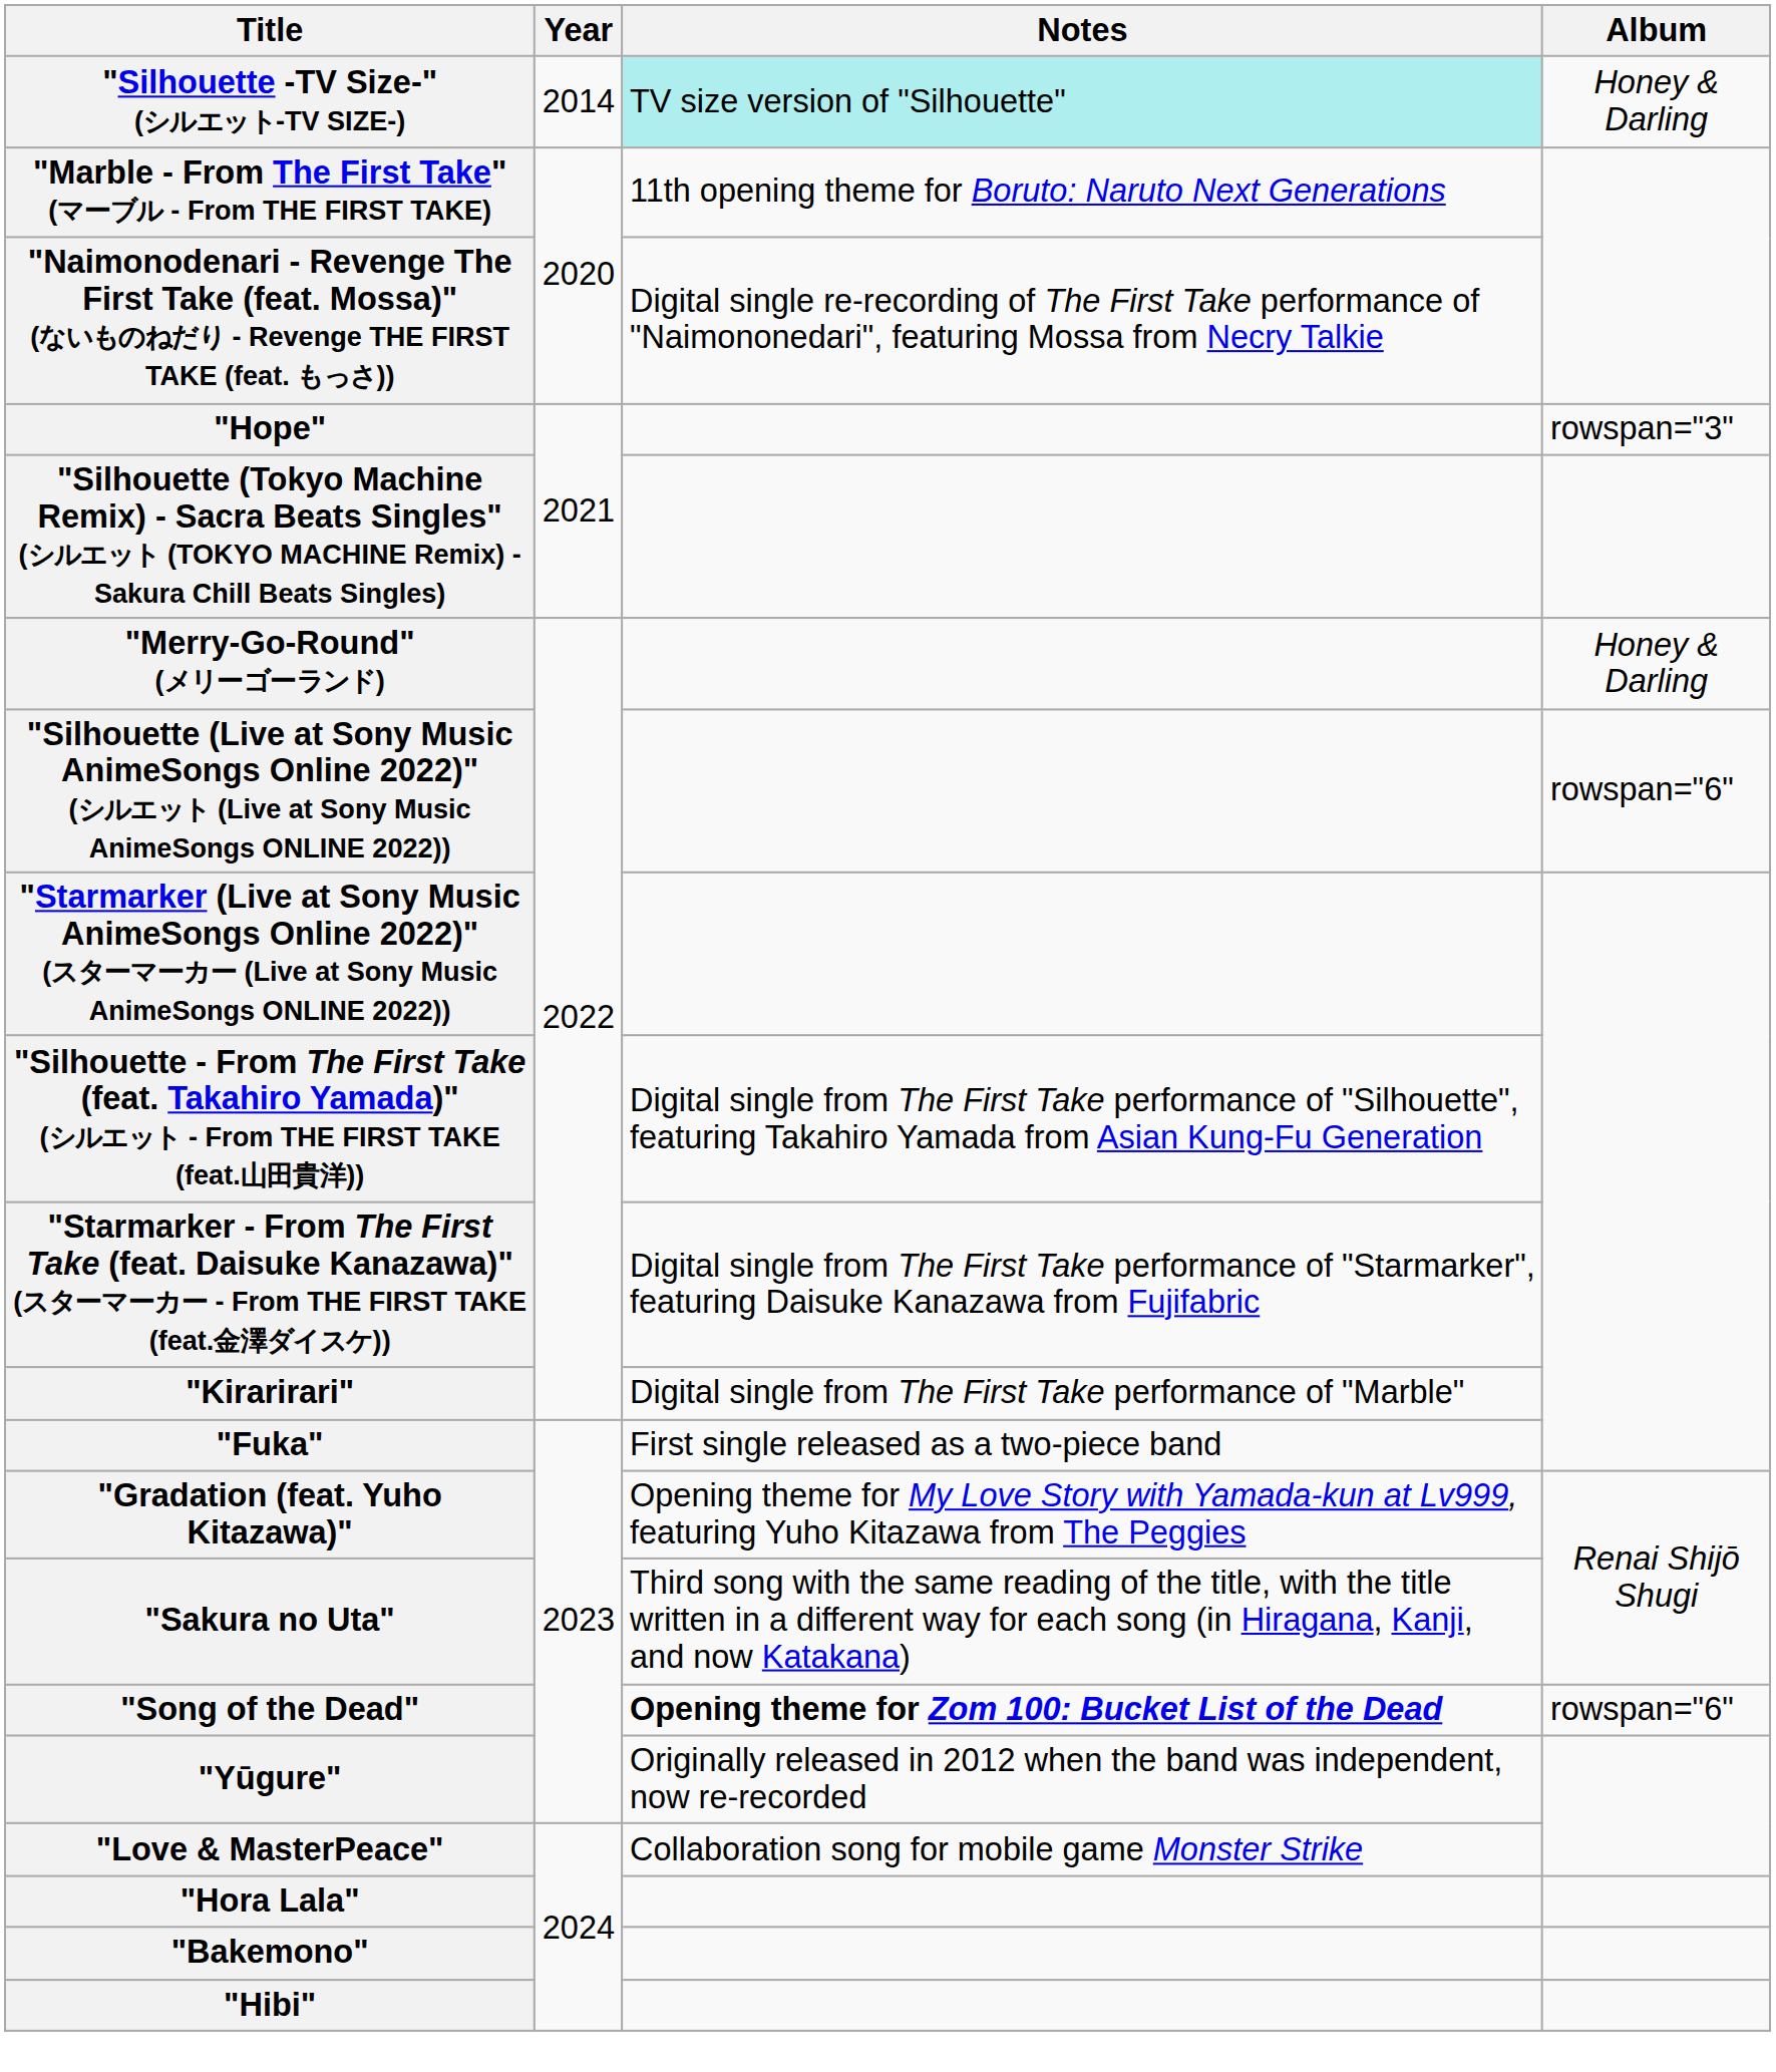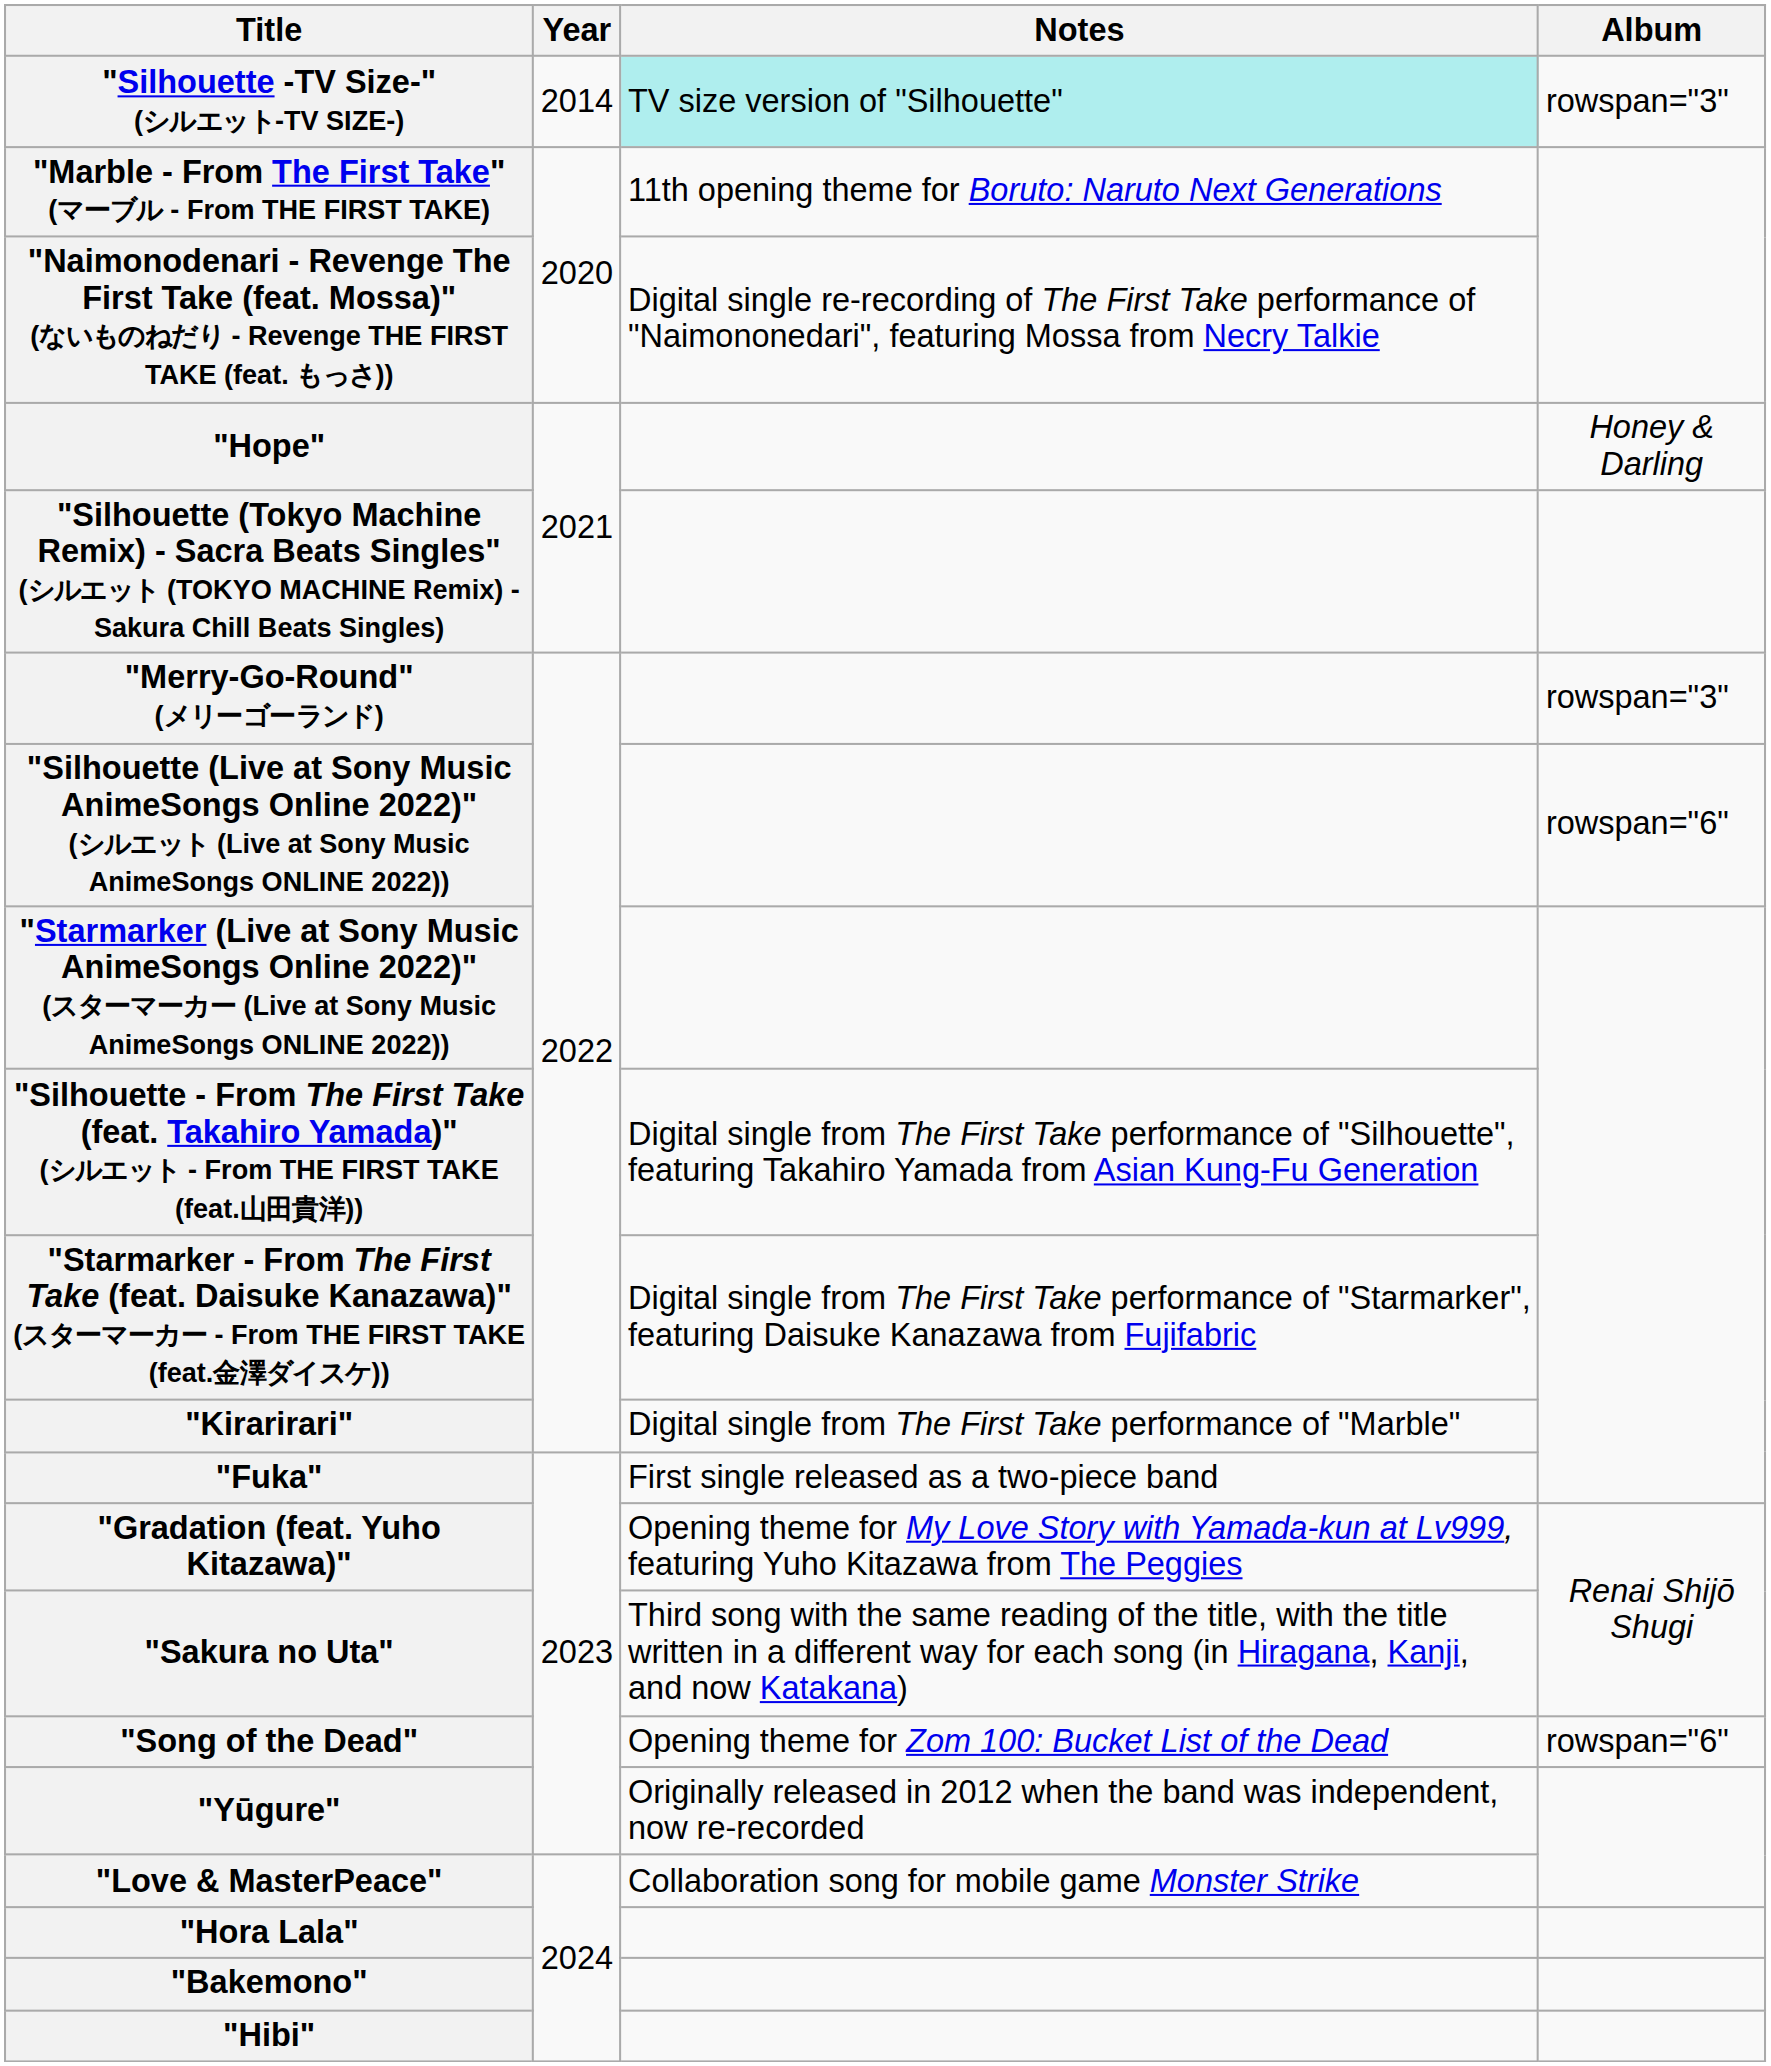 <table class="wikitable plainrowheaders">
 <tr>
 <th scope="col">Title</th>
 <th scope="col">Year</th>
 <th scope="col">Notes</th>
 <th scope="col">Album</th>
 </tr>
 <tr>
 <th scope="row">"<a href='#'>Silhouette</a> -TV Size-" <br><small>(シルエット-TV SIZE-)</small></th>
 <td align="center">2014</td>
 <td style="background: paleturquoise;">TV size version of "Silhouette"</td>
-<td align="center"><em>Honey & Darling</em></td>
+<td>rowspan="3" </td>
 </tr>
 <tr>
 <th scope="row">"Marble - From <a href='#'>The First Take</a>" <br><small>(マーブル - From THE FIRST TAKE)</small></th>
 <td rowspan="2" align="center">2020</td>
 <td>11th opening theme for <em><a href='#'>Boruto: Naruto Next Generations</a></em></td>
 </tr>
 <tr>
 <th scope="row">"Naimonodenari - Revenge The First Take (feat. Mossa)" <br><small>(ないものねだり - Revenge THE FIRST TAKE (feat. もっさ))</small></th>
 <td>Digital single re-recording of <em>The First Take</em> performance of "Naimononedari", featuring Mossa from <a href='#'>Necry Talkie</a></td>
 </tr>
 <tr>
 <th scope="row">"Hope"</th>
 <td rowspan="2" align="center">2021</td>
 <td></td>
-<td>rowspan="3" </td>
+<td align="center"><em>Honey & Darling</em></td>
 </tr>
 <tr>
 <th scope="row">"Silhouette (Tokyo Machine Remix) - Sacra Beats Singles" <br><small>(シルエット (TOKYO MACHINE Remix) - Sakura Chill Beats Singles)</small></th>
 <td></td>
 <td></td>
 </tr>
 <tr>
 <th scope="row">"Merry-Go-Round" <br><small>(メリーゴーランド)</small></th>
 <td rowspan="6" align="center">2022</td>
 <td></td>
-<td align="center"><em>Honey & Darling</em></td>
+<td>rowspan="3" </td>
 </tr>
 <tr>
 <th scope="row">"Silhouette (Live at Sony Music AnimeSongs Online 2022)" <br><small>(シルエット (Live at Sony Music AnimeSongs ONLINE 2022))</small></th>
 <td></td>
 <td>rowspan="6" </td>
 </tr>
 <tr>
 <th scope="row">"<a href='#'>Starmarker</a> (Live at Sony Music AnimeSongs Online 2022)" <br><small>(スターマーカー (Live at Sony Music AnimeSongs ONLINE 2022))</small></th>
 <td></td>
 </tr>
 <tr>
 <th scope="row">"Silhouette - From <em>The First Take</em> (feat. <a href='#'>Takahiro Yamada</a>)" <br><small>(シルエット - From THE FIRST TAKE (feat.山田貴洋))</small></th>
 <td>Digital single from <em>The First Take</em> performance of "Silhouette", featuring Takahiro Yamada from <a href='#'>Asian Kung-Fu Generation</a></td>
 </tr>
 <tr>
 <th scope="row">"Starmarker - From <em>The First Take</em> (feat. Daisuke Kanazawa)" <br><small>(スターマーカー - From THE FIRST TAKE (feat.金澤ダイスケ))</small></th>
 <td>Digital single from <em>The First Take</em> performance of "Starmarker", featuring Daisuke Kanazawa from <a href='#'>Fujifabric</a></td>
 </tr>
 <tr>
 <th scope="row">"Kirarirari" <br></th>
 <td>Digital single from <em>The First Take</em> performance of "Marble"</td>
 </tr>
 <tr>
 <th scope="row">"Fuka"<br></th>
 <td rowspan="5" align="center">2023</td>
 <td>First single released as a two-piece band</td>
 </tr>
 <tr>
 <th scope="row">"Gradation (feat. Yuho Kitazawa)"<br></th>
 <td>Opening theme for <em><a href='#'>My Love Story with Yamada-kun at Lv999</a>,</em> featuring Yuho Kitazawa from <a href='#'>The Peggies</a></td>
 <td rowspan="2" align="center"><em>Renai Shijō Shugi</em></td>
 </tr>
 <tr>
 <th scope="row">"Sakura no Uta"<br></th>
 <td>Third song with the same reading of the title, with the title written in a different way for each song (in <a href='#'>Hiragana</a>, <a href='#'>Kanji</a>, and now <a href='#'>Katakana</a>)</td>
 </tr>
 <tr>
 <th scope="row">"Song of the Dead"<br></th>
-<td><strong>Opening theme for <em><a href='#'>Zom 100: Bucket List of the Dead</a></em></strong></td>
+<td>Opening theme for <em><a href='#'>Zom 100: Bucket List of the Dead</a></em></td>
 <td>rowspan="6" </td>
 </tr>
 <tr>
 <th scope="row">"Yūgure"<br></th>
 <td>Originally released in 2012 when the band was independent, now re-recorded</td>
 </tr>
 <tr>
 <th scope="row">"Love & MasterPeace"<br></th>
 <td rowspan="4" align="center">2024</td>
 <td>Collaboration song for mobile game <em><a href='#'>Monster Strike</a></em></td>
 </tr>
 <tr>
 <th scope="row">"Hora Lala"<br></th>
 <td></td>
 <td></td>
 </tr>
 <tr>
 <th scope="row">"Bakemono"<br></th>
 <td></td>
 <td></td>
 </tr>
 <tr>
 <th scope="row">"Hibi"<br></th>
 <td></td>
 <td></td>
 </tr>
 </table>
